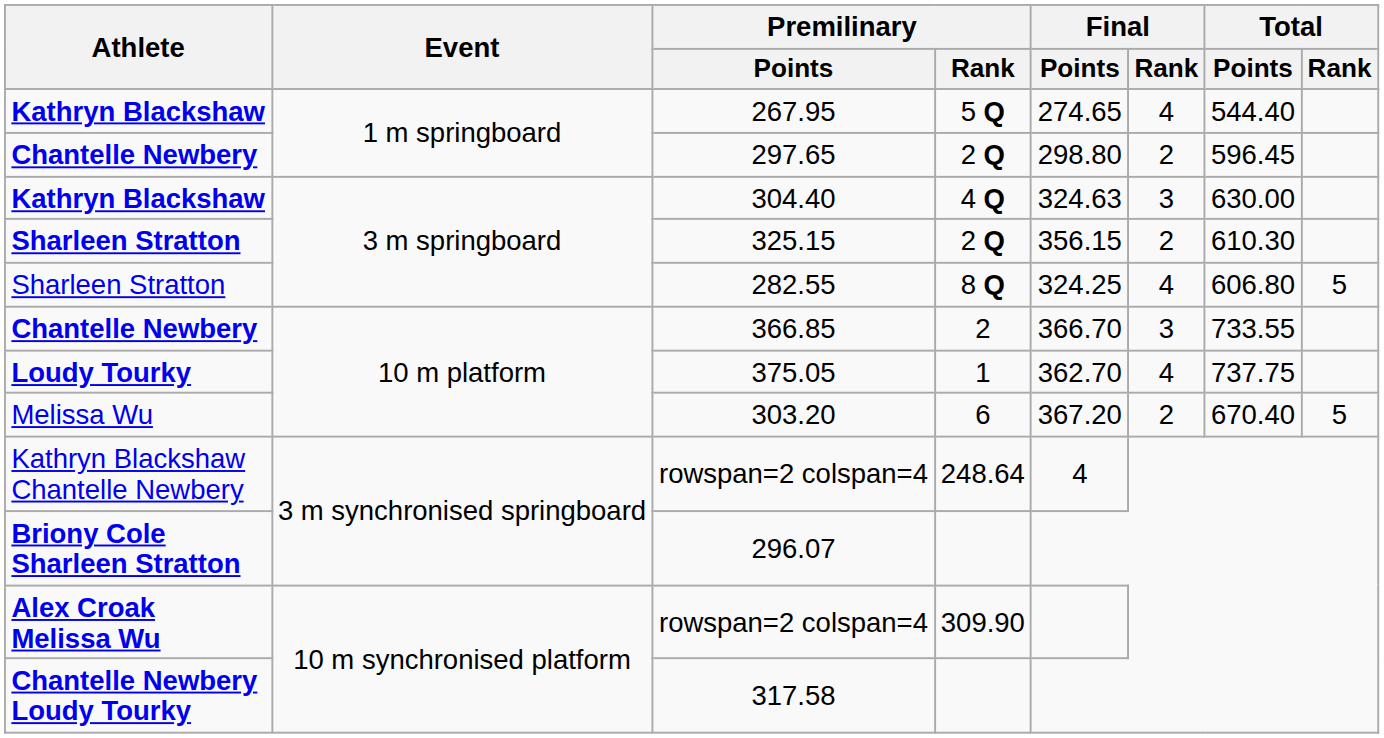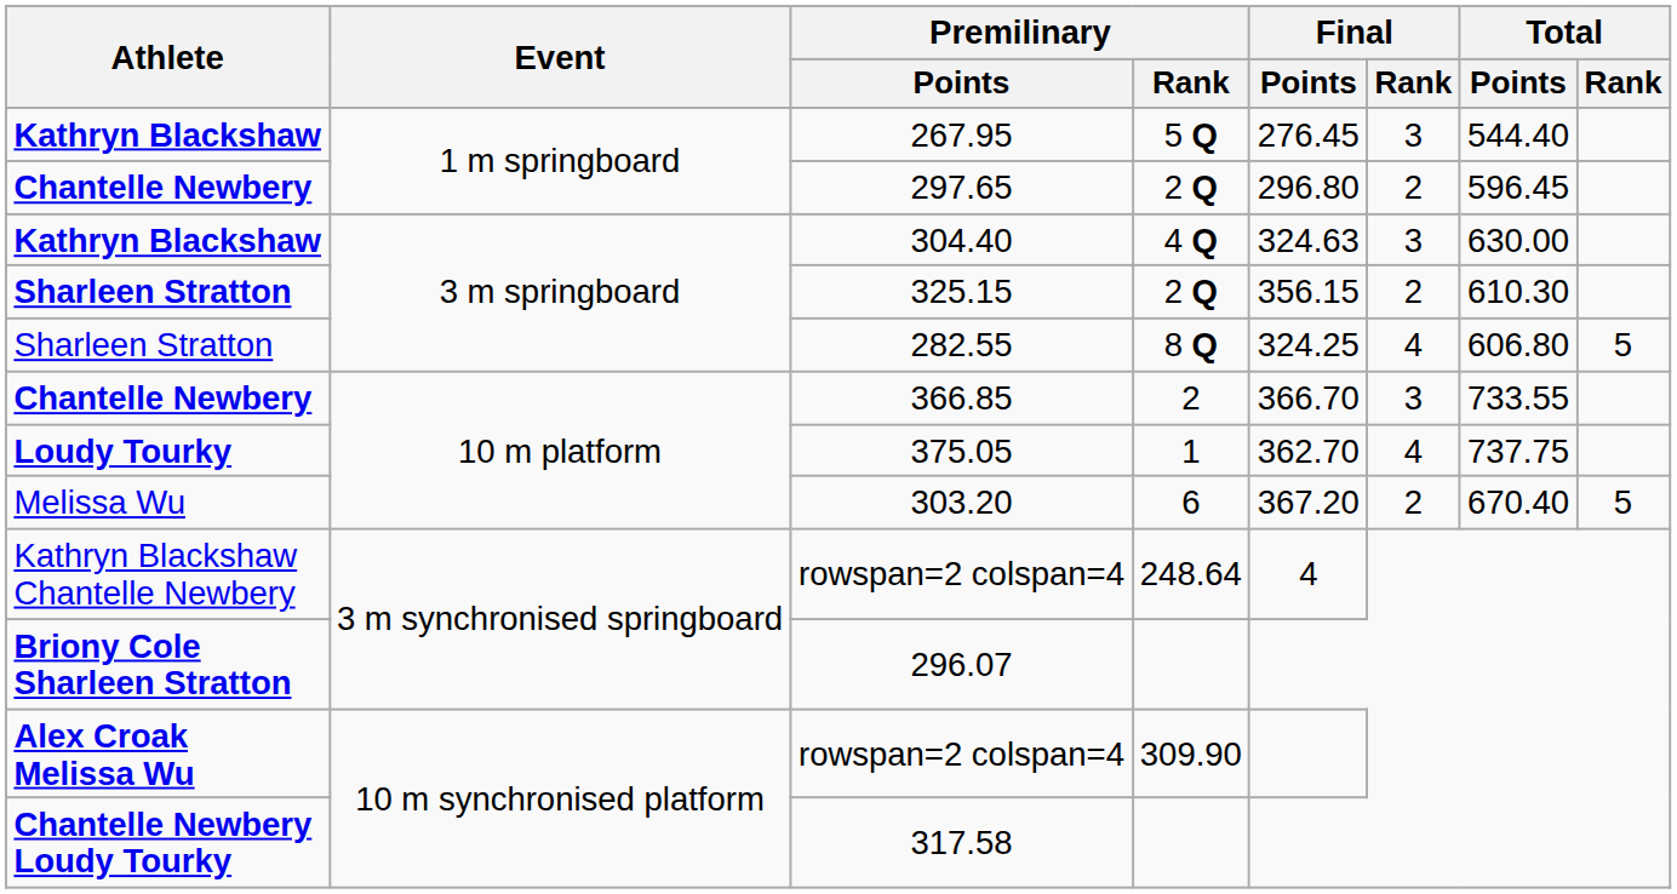 <table class=wikitable style="font-size:90%;text-align:center">
 <tr>
 <th rowspan=2>Athlete</th>
 <th rowspan=2>Event</th>
 <th colspan=2>Premilinary</th>
 <th colspan=2>Final</th>
 <th colspan=2>Total</th>
 </tr>
 <tr style="font-size:95%">
 <th>Points</th>
 <th>Rank</th>
 <th>Points</th>
 <th>Rank</th>
 <th>Points</th>
 <th>Rank</th>
 </tr>
 <tr>
 <td align=left><strong><a href='#'>Kathryn Blackshaw</a></strong></td>
 <td rowspan=2>1 m springboard</td>
 <td>267.95</td>
 <td>5 <strong>Q</strong></td>
-<td>274.65</td>
-<td>4</td>
+<td>276.45</td>
+<td>3</td>
 <td>544.40</td>
 <td></td>
 </tr>
 <tr>
 <td align=left><strong><a href='#'>Chantelle Newbery</a></strong></td>
 <td>297.65</td>
 <td>2 <strong>Q</strong></td>
-<td>298.80</td>
+<td>296.80</td>
 <td>2</td>
 <td>596.45</td>
 <td></td>
 </tr>
 <tr>
 <td align=left><strong><a href='#'>Kathryn Blackshaw</a></strong></td>
 <td rowspan=3>3 m springboard</td>
 <td>304.40</td>
 <td>4 <strong>Q</strong></td>
 <td>324.63</td>
 <td>3</td>
 <td>630.00</td>
 <td></td>
 </tr>
 <tr>
 <td align=left><strong><a href='#'>Sharleen Stratton</a></strong></td>
 <td>325.15</td>
 <td>2 <strong>Q</strong></td>
 <td>356.15</td>
 <td>2</td>
 <td>610.30</td>
 <td></td>
 </tr>
 <tr>
 <td align=left><a href='#'>Sharleen Stratton</a></td>
 <td>282.55</td>
 <td>8 <strong>Q</strong></td>
 <td>324.25</td>
 <td>4</td>
 <td>606.80</td>
 <td>5</td>
 </tr>
 <tr>
 <td align=left><strong><a href='#'>Chantelle Newbery</a></strong></td>
 <td rowspan=3>10 m platform</td>
 <td>366.85</td>
 <td>2</td>
 <td>366.70</td>
 <td>3</td>
 <td>733.55</td>
 <td></td>
 </tr>
 <tr>
 <td align=left><strong><a href='#'>Loudy Tourky</a></strong></td>
 <td>375.05</td>
 <td>1</td>
 <td>362.70</td>
 <td>4</td>
 <td>737.75</td>
 <td></td>
 </tr>
 <tr>
 <td align=left><a href='#'>Melissa Wu</a></td>
 <td>303.20</td>
 <td>6</td>
 <td>367.20</td>
 <td>2</td>
 <td>670.40</td>
 <td>5</td>
 </tr>
 <tr>
 <td align=left><a href='#'>Kathryn Blackshaw</a><br><a href='#'>Chantelle Newbery</a></td>
 <td rowspan=2>3 m synchronised springboard</td>
 <td>rowspan=2 colspan=4 </td>
 <td>248.64</td>
 <td>4</td>
 </tr>
 <tr>
 <td align=left><strong><a href='#'>Briony Cole</a><br><a href='#'>Sharleen Stratton</a></strong></td>
 <td>296.07</td>
 <td></td>
 </tr>
 <tr>
 <td align=left><strong><a href='#'>Alex Croak</a><br><a href='#'>Melissa Wu</a></strong></td>
 <td rowspan=2>10 m synchronised platform</td>
 <td>rowspan=2 colspan=4 </td>
 <td>309.90</td>
 <td></td>
 </tr>
 <tr>
 <td align=left><strong><a href='#'>Chantelle Newbery</a><br><a href='#'>Loudy Tourky</a></strong></td>
 <td>317.58</td>
 <td></td>
 </tr>
 </table>
